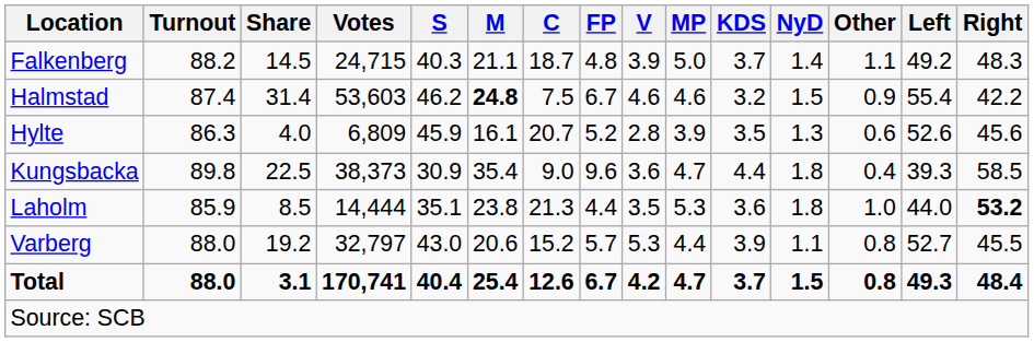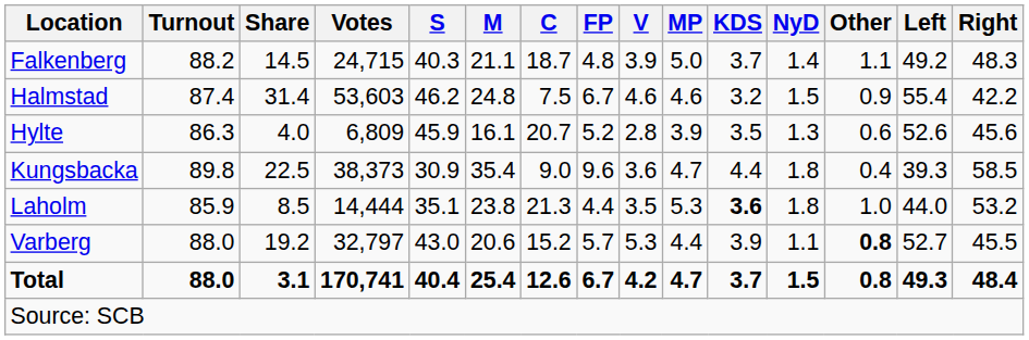 <table class="wikitable sortable" style=text-align:right>
 <tr>
 <th>Location</th>
 <th>Turnout</th>
 <th>Share</th>
 <th>Votes</th>
 <th><a href='#'>S</a></th>
 <th><a href='#'>M</a></th>
 <th><a href='#'>C</a></th>
 <th><a href='#'>FP</a></th>
 <th><a href='#'>V</a></th>
 <th><a href='#'>MP</a></th>
 <th><a href='#'>KDS</a></th>
 <th><a href='#'>NyD</a></th>
 <th>Other</th>
 <th>Left</th>
 <th>Right</th>
 </tr>
 <tr>
 <td align=left><a href='#'>Falkenberg</a></td>
 <td>88.2</td>
 <td>14.5</td>
 <td>24,715</td>
 <td>40.3</td>
 <td>21.1</td>
 <td>18.7</td>
 <td>4.8</td>
 <td>3.9</td>
 <td>5.0</td>
 <td>3.7</td>
 <td>1.4</td>
 <td>1.1</td>
 <td>49.2</td>
 <td>48.3</td>
 </tr>
 <tr>
 <td align=left><a href='#'>Halmstad</a></td>
 <td>87.4</td>
 <td>31.4</td>
 <td>53,603</td>
 <td>46.2</td>
-<td><strong>24.8</strong></td>
+<td>24.8</td>
 <td>7.5</td>
 <td>6.7</td>
 <td>4.6</td>
 <td>4.6</td>
 <td>3.2</td>
 <td>1.5</td>
 <td>0.9</td>
 <td>55.4</td>
 <td>42.2</td>
 </tr>
 <tr>
 <td align=left><a href='#'>Hylte</a></td>
 <td>86.3</td>
 <td>4.0</td>
 <td>6,809</td>
 <td>45.9</td>
 <td>16.1</td>
 <td>20.7</td>
 <td>5.2</td>
 <td>2.8</td>
 <td>3.9</td>
 <td>3.5</td>
 <td>1.3</td>
 <td>0.6</td>
 <td>52.6</td>
 <td>45.6</td>
 </tr>
 <tr>
 <td align=left><a href='#'>Kungsbacka</a></td>
 <td>89.8</td>
 <td>22.5</td>
 <td>38,373</td>
 <td>30.9</td>
 <td>35.4</td>
 <td>9.0</td>
 <td>9.6</td>
 <td>3.6</td>
 <td>4.7</td>
 <td>4.4</td>
 <td>1.8</td>
 <td>0.4</td>
 <td>39.3</td>
 <td>58.5</td>
 </tr>
 <tr>
 <td align=left><a href='#'>Laholm</a></td>
 <td>85.9</td>
 <td>8.5</td>
 <td>14,444</td>
 <td>35.1</td>
 <td>23.8</td>
 <td>21.3</td>
 <td>4.4</td>
 <td>3.5</td>
 <td>5.3</td>
-<td>3.6</td>
+<td><strong>3.6</strong></td>
 <td>1.8</td>
 <td>1.0</td>
 <td>44.0</td>
-<td><strong>53.2</strong></td>
+<td>53.2</td>
 </tr>
 <tr>
 <td align=left><a href='#'>Varberg</a></td>
 <td>88.0</td>
 <td>19.2</td>
 <td>32,797</td>
 <td>43.0</td>
 <td>20.6</td>
 <td>15.2</td>
 <td>5.7</td>
 <td>5.3</td>
 <td>4.4</td>
 <td>3.9</td>
 <td>1.1</td>
-<td>0.8</td>
+<td><strong>0.8</strong></td>
 <td>52.7</td>
 <td>45.5</td>
 </tr>
 <tr>
 <td align=left><strong>Total</strong></td>
 <td><strong>88.0</strong></td>
 <td><strong>3.1</strong></td>
 <td><strong>170,741</strong></td>
 <td><strong>40.4</strong></td>
 <td><strong>25.4</strong></td>
 <td><strong>12.6</strong></td>
 <td><strong>6.7</strong></td>
 <td><strong>4.2</strong></td>
 <td><strong>4.7</strong></td>
 <td><strong>3.7</strong></td>
 <td><strong>1.5</strong></td>
 <td><strong>0.8</strong></td>
 <td><strong>49.3</strong></td>
 <td><strong>48.4</strong></td>
 </tr>
 <tr>
 <td align=left colspan=15>Source: SCB </td>
 </tr>
 </table>
